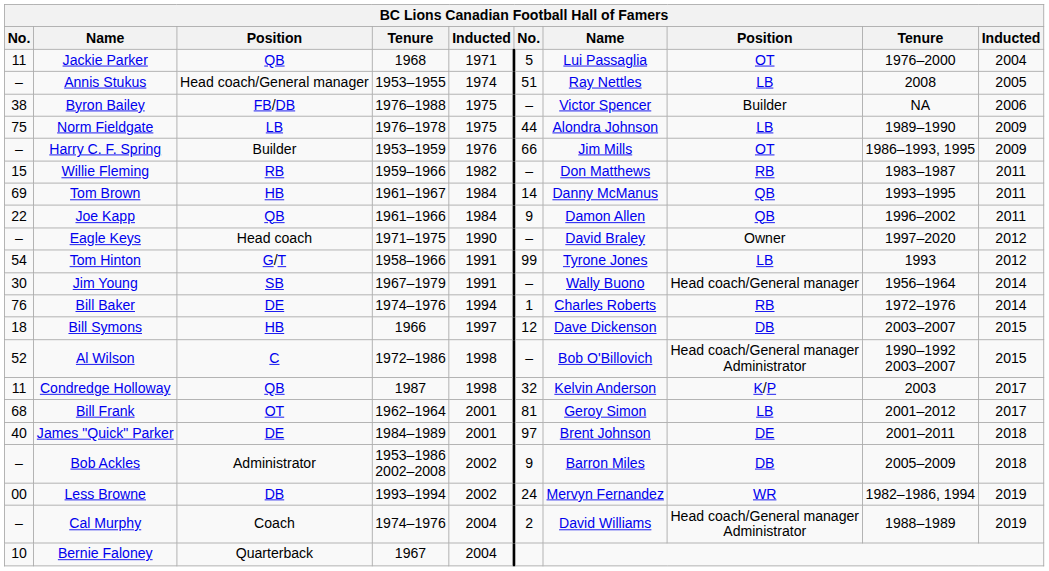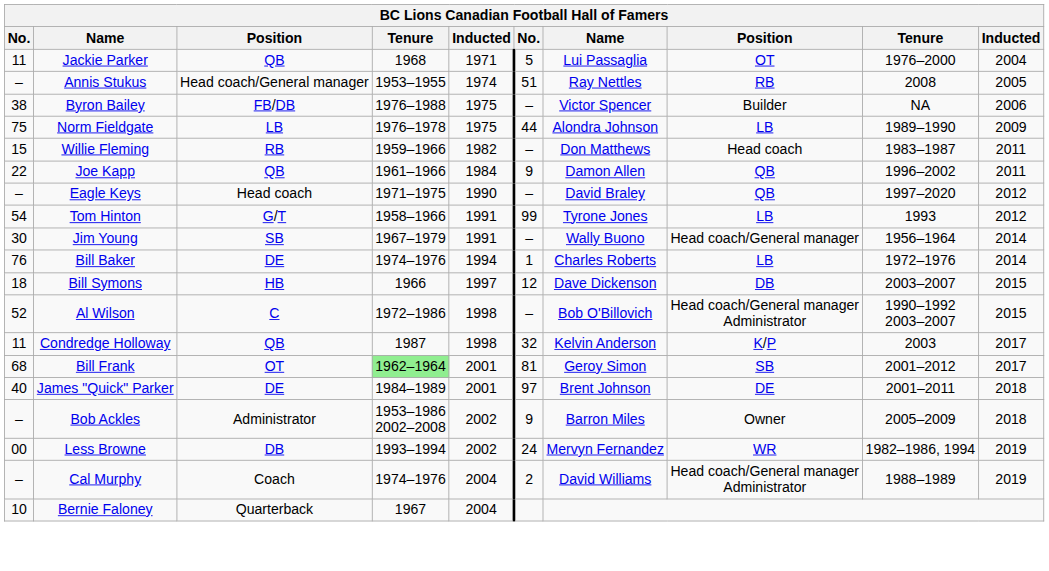 <table class="wikitable" style="text-align:center">
 <tr>
 <th colspan="10"><strong>BC Lions Canadian Football Hall of Famers</strong></th>
 </tr>
 <tr>
 <th>No.</th>
 <th>Name</th>
 <th>Position</th>
 <th>Tenure</th>
 <th>Inducted</th>
 <th>No.</th>
 <th>Name</th>
 <th>Position</th>
 <th>Tenure</th>
 <th>Inducted</th>
 </tr>
 <tr>
 <td align=center;>11</td>
 <td><a href='#'>Jackie Parker</a></td>
 <td><a href='#'>QB</a></td>
 <td>1968</td>
 <td align=center style="border-right:3px solid ">1971</td>
 <td>5</td>
 <td><a href='#'>Lui Passaglia</a></td>
 <td><a href='#'>OT</a></td>
 <td>1976–2000</td>
 <td>2004</td>
 </tr>
 <tr>
 <td align=center;>–</td>
 <td><a href='#'>Annis Stukus</a></td>
 <td>Head coach/General manager</td>
 <td>1953–1955</td>
 <td align=center style="border-right:3px solid ">1974</td>
 <td>51</td>
 <td><a href='#'>Ray Nettles</a></td>
-<td><a href='#'>LB</a></td>
+<td><a href='#'>RB</a></td>
 <td>2008</td>
 <td>2005</td>
 </tr>
 <tr>
 <td>38</td>
 <td><a href='#'>Byron Bailey</a></td>
 <td><a href='#'>FB</a>/<a href='#'>DB</a></td>
 <td>1976–1988</td>
 <td align=center style="border-right:3px solid ">1975</td>
 <td>–</td>
 <td><a href='#'>Victor Spencer</a></td>
 <td>Builder</td>
 <td>NA</td>
 <td>2006</td>
 </tr>
 <tr>
 <td>75</td>
 <td><a href='#'>Norm Fieldgate</a></td>
 <td><a href='#'>LB</a></td>
 <td>1976–1978</td>
 <td align=center style="border-right:3px solid ">1975</td>
 <td>44</td>
 <td><a href='#'>Alondra Johnson</a></td>
 <td><a href='#'>LB</a></td>
 <td>1989–1990</td>
 <td>2009</td>
 </tr>
 <tr>
-<td>–</td>
-<td><a href='#'>Harry C. F. Spring</a></td>
-<td>Builder</td>
-<td>1953–1959</td>
-<td align=center style="border-right:3px solid ">1976</td>
-<td>66</td>
-<td><a href='#'>Jim Mills</a></td>
-<td><a href='#'>OT</a></td>
-<td>1986–1993, 1995</td>
-<td>2009</td>
-</tr>
-<tr>
 <td>15</td>
 <td><a href='#'>Willie Fleming</a></td>
 <td><a href='#'>RB</a></td>
 <td>1959–1966</td>
 <td align=center style="border-right:3px solid ">1982</td>
 <td>–</td>
 <td><a href='#'>Don Matthews</a></td>
-<td><a href='#'>RB</a></td>
+<td>Head coach</td>
 <td>1983–1987</td>
-<td>2011</td>
-</tr>
-<tr>
-<td>69</td>
-<td><a href='#'>Tom Brown</a></td>
-<td><a href='#'>HB</a></td>
-<td>1961–1967</td>
-<td align=center style="border-right:3px solid ">1984</td>
-<td>14</td>
-<td><a href='#'>Danny McManus</a></td>
-<td><a href='#'>QB</a></td>
-<td>1993–1995</td>
 <td>2011</td>
 </tr>
 <tr>
 <td>22</td>
 <td><a href='#'>Joe Kapp</a></td>
 <td><a href='#'>QB</a></td>
 <td>1961–1966</td>
 <td align=center style="border-right:3px solid ">1984</td>
 <td>9</td>
 <td><a href='#'>Damon Allen</a></td>
 <td><a href='#'>QB</a></td>
 <td>1996–2002</td>
 <td>2011</td>
 </tr>
 <tr>
 <td>–</td>
 <td><a href='#'>Eagle Keys</a></td>
 <td>Head coach</td>
 <td>1971–1975</td>
 <td align=center style="border-right:3px solid ">1990</td>
 <td>–</td>
 <td><a href='#'>David Braley</a></td>
-<td>Owner</td>
+<td><a href='#'>QB</a></td>
 <td>1997–2020</td>
 <td>2012</td>
 </tr>
 <tr>
 <td>54</td>
 <td><a href='#'>Tom Hinton</a></td>
 <td><a href='#'>G</a>/<a href='#'>T</a></td>
 <td>1958–1966</td>
 <td align=center style="border-right:3px solid ">1991</td>
 <td>99</td>
 <td><a href='#'>Tyrone Jones</a></td>
 <td><a href='#'>LB</a></td>
 <td>1993</td>
 <td>2012</td>
 </tr>
 <tr>
 <td>30</td>
 <td><a href='#'>Jim Young</a></td>
 <td><a href='#'>SB</a></td>
 <td>1967–1979</td>
 <td align=center style="border-right:3px solid ">1991</td>
 <td>–</td>
 <td><a href='#'>Wally Buono</a></td>
 <td>Head coach/General manager</td>
 <td>1956–1964</td>
 <td>2014</td>
 </tr>
 <tr>
 <td>76</td>
 <td><a href='#'>Bill Baker</a></td>
 <td><a href='#'>DE</a></td>
 <td>1974–1976</td>
 <td align=center style="border-right:3px solid ">1994</td>
 <td>1</td>
 <td><a href='#'>Charles Roberts</a></td>
-<td><a href='#'>RB</a></td>
+<td><a href='#'>LB</a></td>
 <td>1972–1976</td>
 <td>2014</td>
 </tr>
 <tr>
 <td>18</td>
 <td><a href='#'>Bill Symons</a></td>
 <td><a href='#'>HB</a></td>
 <td>1966</td>
 <td align=center style="border-right:3px solid ">1997</td>
 <td>12</td>
 <td><a href='#'>Dave Dickenson</a></td>
 <td><a href='#'>DB</a></td>
 <td>2003–2007</td>
 <td>2015</td>
 </tr>
 <tr>
 <td>52</td>
 <td><a href='#'>Al Wilson</a></td>
 <td><a href='#'>C</a></td>
 <td>1972–1986</td>
 <td align=center style="border-right:3px solid ">1998</td>
 <td>–</td>
 <td><a href='#'>Bob O'Billovich</a></td>
 <td>Head coach/General manager<br>Administrator</td>
 <td>1990–1992<br>2003–2007</td>
 <td>2015</td>
 </tr>
 <tr>
 <td>11</td>
 <td><a href='#'>Condredge Holloway</a></td>
 <td><a href='#'>QB</a></td>
 <td>1987</td>
 <td align=center style="border-right:3px solid ">1998</td>
 <td>32</td>
 <td><a href='#'>Kelvin Anderson</a></td>
 <td><a href='#'>K</a>/<a href='#'>P</a></td>
 <td>2003</td>
 <td>2017</td>
 </tr>
 <tr>
 <td>68</td>
 <td><a href='#'>Bill Frank</a></td>
 <td><a href='#'>OT</a></td>
-<td>1962–1964</td>
+<td style="background: lightgreen;">1962–1964</td>
 <td align=center style="border-right:3px solid ">2001</td>
 <td>81</td>
 <td><a href='#'>Geroy Simon</a></td>
-<td><a href='#'>LB</a></td>
+<td><a href='#'>SB</a></td>
 <td>2001–2012</td>
 <td>2017</td>
 </tr>
 <tr>
 <td>40</td>
 <td><a href='#'>James "Quick" Parker</a></td>
 <td><a href='#'>DE</a></td>
 <td>1984–1989</td>
 <td align=center style="border-right:3px solid ">2001</td>
 <td>97</td>
 <td><a href='#'>Brent Johnson</a></td>
 <td><a href='#'>DE</a></td>
 <td>2001–2011</td>
 <td>2018</td>
 </tr>
 <tr>
 <td>–</td>
 <td><a href='#'>Bob Ackles</a></td>
 <td>Administrator</td>
 <td>1953–1986<br>2002–2008</td>
 <td align=center style="border-right:3px solid ">2002</td>
 <td>9</td>
 <td><a href='#'>Barron Miles</a></td>
-<td><a href='#'>DB</a></td>
+<td>Owner</td>
 <td>2005–2009</td>
 <td>2018</td>
 </tr>
 <tr>
 <td align=center;>00</td>
 <td><a href='#'>Less Browne</a></td>
 <td><a href='#'>DB</a></td>
 <td>1993–1994</td>
 <td align=center style="border-right:3px solid ">2002</td>
 <td>24</td>
 <td><a href='#'>Mervyn Fernandez</a></td>
 <td><a href='#'>WR</a></td>
 <td>1982–1986, 1994</td>
 <td>2019</td>
 </tr>
 <tr>
 <td align=center;>–</td>
 <td><a href='#'>Cal Murphy</a></td>
 <td>Coach</td>
 <td>1974–1976</td>
 <td align=center style="border-right:3px solid ">2004</td>
 <td>2</td>
 <td><a href='#'>David Williams</a></td>
 <td>Head coach/General manager<br>Administrator</td>
 <td>1988–1989</td>
 <td>2019</td>
 </tr>
 <tr>
 <td align=center;>10</td>
 <td><a href='#'>Bernie Faloney</a></td>
 <td>Quarterback</td>
 <td>1967</td>
 <td align=center style="border-right:3px solid ">2004</td>
 <td></td>
 </tr>
 </table>
